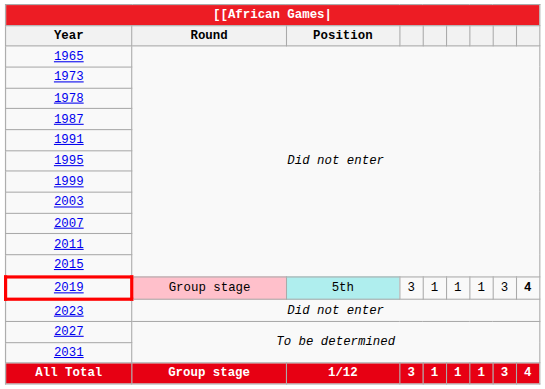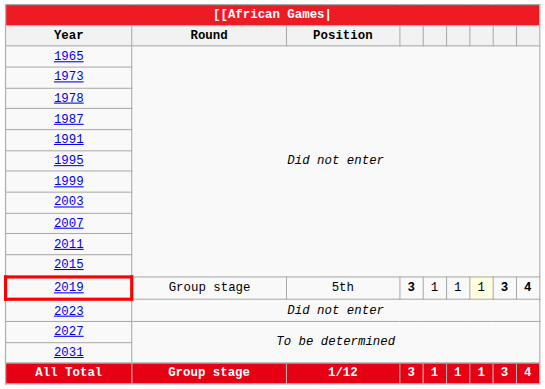 <table class="wikitable" class="wikitable" style="font-size:90%; text-align:center; width:40%">
 <tr>
 <th colspan="9" style="background:#ED1C24; color:white; ">[[African Games|</th>
 </tr>
 <tr>
 <th>Year</th>
 <th>Round</th>
 <th>Position</th>
 <th></th>
 <th></th>
 <th></th>
 <th></th>
 <th></th>
 <th></th>
 </tr>
 <tr>
 <td> <a href='#'>1965</a></td>
 <td colspan=8 rowspan=11><em>Did not enter</em></td>
 </tr>
 <tr>
 <td> <a href='#'>1973</a></td>
 </tr>
 <tr>
 <td> <a href='#'>1978</a></td>
 </tr>
 <tr>
 <td> <a href='#'>1987</a></td>
 </tr>
 <tr>
 <td> <a href='#'>1991</a></td>
 </tr>
 <tr>
 <td> <a href='#'>1995</a></td>
 </tr>
 <tr>
 <td> <a href='#'>1999</a></td>
 </tr>
 <tr>
 <td> <a href='#'>2003</a></td>
 </tr>
 <tr>
 <td> <a href='#'>2007</a></td>
 </tr>
 <tr>
 <td> <a href='#'>2011</a></td>
 </tr>
 <tr>
 <td> <a href='#'>2015</a></td>
 </tr>
 <tr>
 <td style="border: 3px solid red"> <a href='#'>2019</a></td>
-<td style="background: pink;">Group stage</td>
-<td style="background: paleturquoise;">5th</td>
-<td>3</td>
+<td>Group stage</td>
+<td>5th</td>
+<td><strong>3</strong></td>
 <td>1</td>
 <td>1</td>
-<td>1</td>
-<td>3</td>
+<td style="background: lightyellow;">1</td>
+<td><strong>3</strong></td>
 <td><strong>4</strong></td>
 </tr>
 <tr>
 <td> <a href='#'>2023</a></td>
 <td colspan="8"><em>Did not enter</em></td>
 </tr>
 <tr>
 <td> <a href='#'>2027</a></td>
 <td colspan="8" rowspan="2"><em>To be determined</em></td>
 </tr>
 <tr>
 <td> <a href='#'>2031</a></td>
 </tr>
 <tr>
 <th style="background:#E70013; color:white;">All Total</th>
 <th style="background:#E70013; color:white;">Group stage</th>
 <th style="background:#E70013; color:white;">1/12</th>
 <th style="background:#E70013; color:white;">3</th>
 <th style="background:#E70013; color:white;">1</th>
 <th style="background:#E70013; color:white;">1</th>
 <th style="background:#E70013; color:white;">1</th>
 <th style="background:#E70013; color:white;">3</th>
 <th style="background:#E70013; color:white;">4</th>
 </tr>
 </table>
